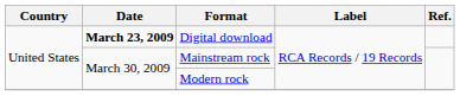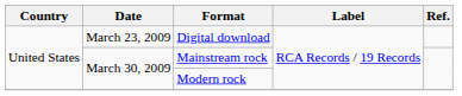 <table class="wikitable">
 <tr>
 <th>Country</th>
 <th>Date</th>
 <th>Format</th>
 <th>Label</th>
 <th>Ref.</th>
 </tr>
 <tr>
 <td rowspan="3">United States</td>
-<td><strong>March 23, 2009</strong></td>
+<td>March 23, 2009</td>
 <td><a href='#'>Digital download</a></td>
 <td rowspan="3"><a href='#'>RCA Records</a> / <a href='#'>19 Records</a></td>
 <td></td>
 </tr>
 <tr>
 <td rowspan="2">March 30, 2009</td>
 <td><a href='#'>Mainstream rock</a></td>
 <td rowspan="2"></td>
 </tr>
 <tr>
 <td><a href='#'>Modern rock</a></td>
 </tr>
 <tr>
 </tr>
 </table>
